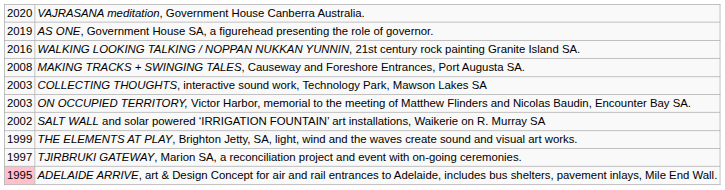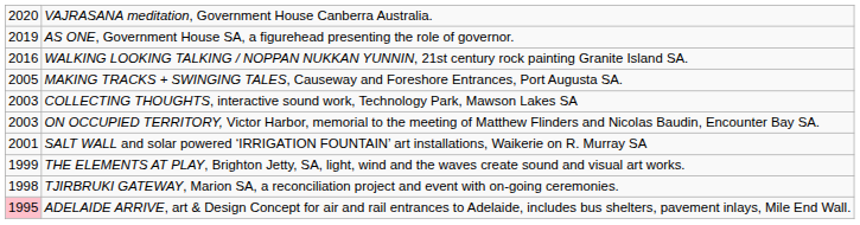 <table class="wikitable">
 <tr>
 <td>2020</td>
 <td><em>VAJRASANA meditation</em>, Government House Canberra Australia.</td>
 </tr>
 <tr>
 <td>2019</td>
 <td><em>AS ONE</em>, Government House SA, a figurehead presenting the role of governor.</td>
 </tr>
 <tr>
 <td>2016</td>
 <td><em>WALKING LOOKING TALKING / NOPPAN NUKKAN YUNNIN</em>, 21st century rock painting Granite Island SA.</td>
 </tr>
 <tr>
-<td>2008</td>
+<td>2005</td>
 <td><em>MAKING TRACKS + SWINGING TALES</em>, Causeway and Foreshore Entrances, Port Augusta SA.</td>
 </tr>
 <tr>
 <td>2003</td>
 <td><em>COLLECTING THOUGHTS</em>, interactive sound work, Technology Park, Mawson Lakes SA</td>
 </tr>
 <tr>
 <td>2003</td>
 <td><em>ON OCCUPIED TERRITORY,</em> Victor Harbor, memorial to the meeting of Matthew Flinders and Nicolas Baudin, Encounter Bay SA.</td>
 </tr>
 <tr>
-<td>2002</td>
+<td>2001</td>
 <td><em>SALT WALL</em> and solar powered ‘IRRIGATION FOUNTAIN’ art installations, Waikerie on R. Murray SA</td>
 </tr>
 <tr>
 <td>1999</td>
 <td><em>THE ELEMENTS AT PLAY</em>, Brighton Jetty, SA, light, wind and the waves create sound and visual art works.</td>
 </tr>
 <tr>
-<td>1997</td>
+<td>1998</td>
 <td><em>TJIRBRUKI GATEWAY</em>, Marion SA, a reconciliation project and event with on-going ceremonies.</td>
 </tr>
 <tr>
 <td style="background: pink;">1995</td>
 <td><em>ADELAIDE ARRIVE</em>, art & Design Concept for air and rail entrances to Adelaide, includes bus shelters, pavement inlays, Mile End Wall.</td>
 </tr>
 </table>
